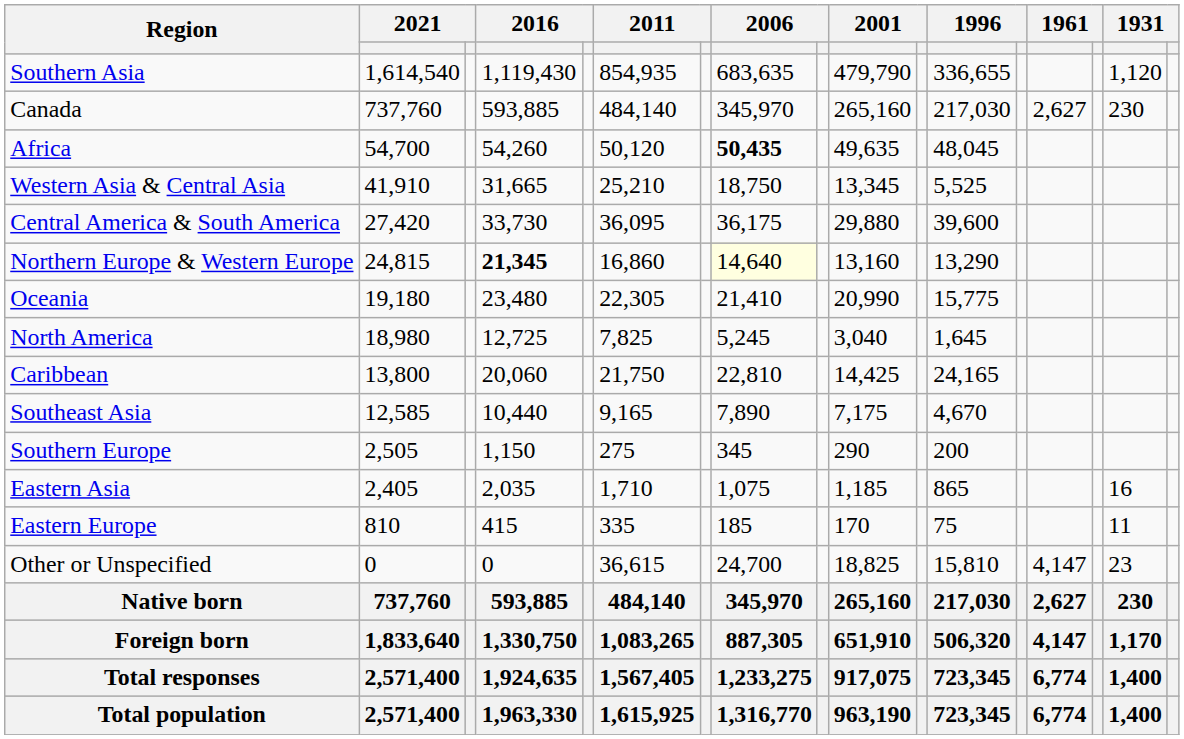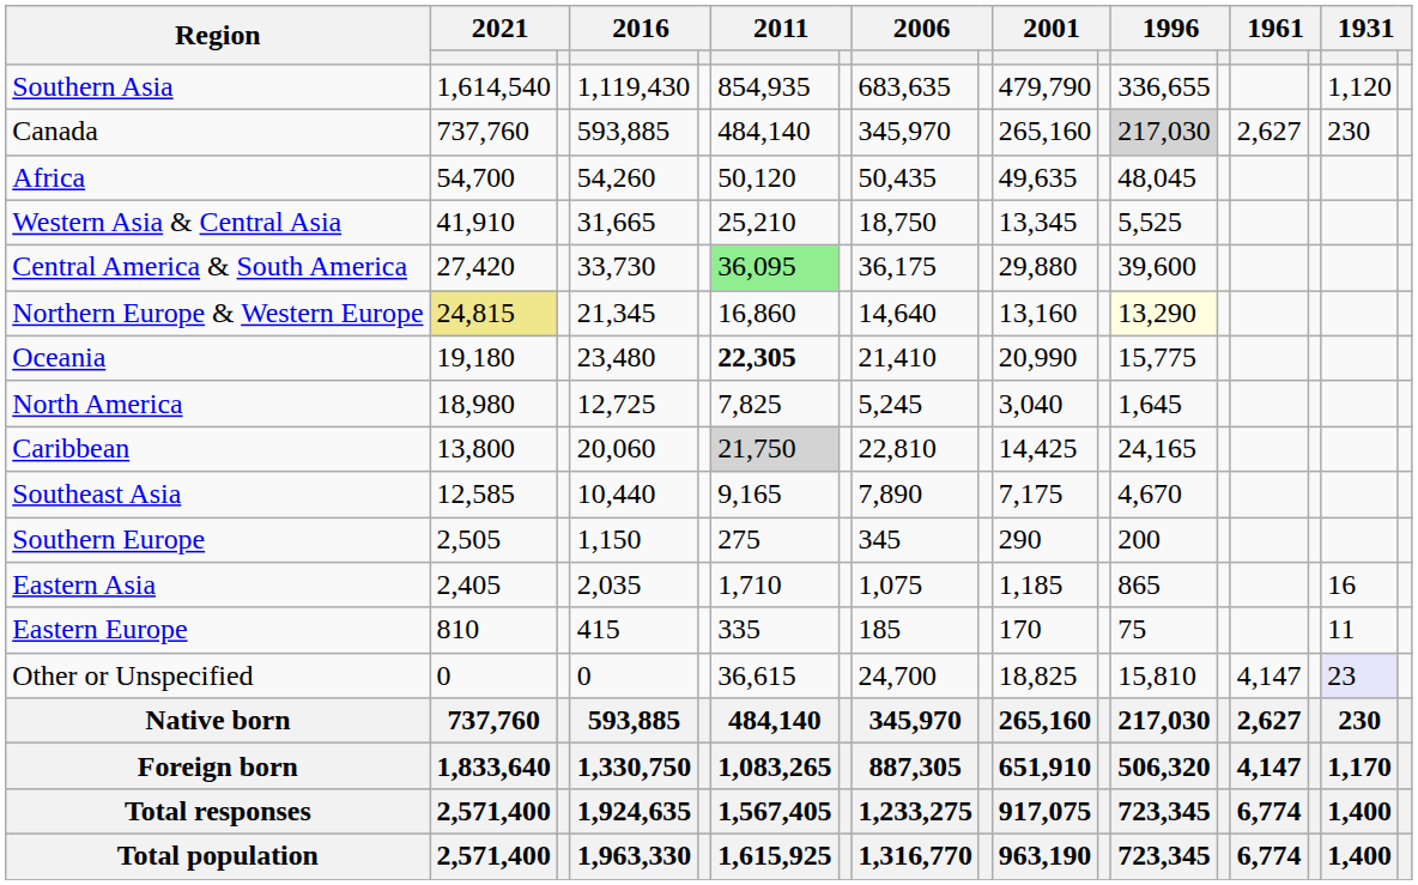 <table class="wikitable sortable">
 <tr>
 <th rowspan="2">Region</th>
 <th colspan="2">2021</th>
 <th colspan="2">2016</th>
 <th colspan="2">2011</th>
 <th colspan="2">2006</th>
 <th colspan="2">2001</th>
 <th colspan="2">1996</th>
 <th colspan="2">1961</th>
 <th colspan="2">1931</th>
 </tr>
 <tr>
 <th><a href='#'></a></th>
 <th></th>
 <th></th>
 <th></th>
 <th></th>
 <th></th>
 <th></th>
 <th></th>
 <th></th>
 <th></th>
 <th></th>
 <th></th>
 <th></th>
 <th></th>
 <th></th>
 <th></th>
 </tr>
 <tr>
 <td><a href='#'>Southern Asia</a></td>
 <td>1,614,540</td>
 <td></td>
 <td>1,119,430</td>
 <td></td>
 <td>854,935</td>
 <td></td>
 <td>683,635</td>
 <td></td>
 <td>479,790</td>
 <td></td>
 <td>336,655</td>
 <td></td>
 <td></td>
 <td></td>
 <td>1,120</td>
 <td></td>
 </tr>
 <tr>
 <td>Canada</td>
 <td>737,760</td>
 <td></td>
 <td>593,885</td>
 <td></td>
 <td>484,140</td>
 <td></td>
 <td>345,970</td>
 <td></td>
 <td>265,160</td>
 <td></td>
-<td>217,030</td>
+<td style="background: lightgrey;">217,030</td>
 <td></td>
 <td>2,627</td>
 <td></td>
 <td>230</td>
 <td></td>
 </tr>
 <tr>
 <td><a href='#'>Africa</a></td>
 <td>54,700</td>
 <td></td>
 <td>54,260</td>
 <td></td>
 <td>50,120</td>
 <td></td>
-<td><strong>50,435</strong></td>
+<td>50,435</td>
 <td></td>
 <td>49,635</td>
 <td></td>
 <td>48,045</td>
 <td></td>
 <td></td>
 <td></td>
 <td></td>
 <td></td>
 </tr>
 <tr>
 <td><a href='#'>Western Asia</a> & <a href='#'>Central Asia</a></td>
 <td>41,910</td>
 <td></td>
 <td>31,665</td>
 <td></td>
 <td>25,210</td>
 <td></td>
 <td>18,750</td>
 <td></td>
 <td>13,345</td>
 <td></td>
 <td>5,525</td>
 <td></td>
 <td></td>
 <td></td>
 <td></td>
 <td></td>
 </tr>
 <tr>
 <td><a href='#'>Central America</a> & <a href='#'>South America</a></td>
 <td>27,420</td>
 <td></td>
 <td>33,730</td>
 <td></td>
-<td>36,095</td>
+<td style="background: lightgreen;">36,095</td>
 <td></td>
 <td>36,175</td>
 <td></td>
 <td>29,880</td>
 <td></td>
 <td>39,600</td>
 <td></td>
 <td></td>
 <td></td>
 <td></td>
 <td></td>
 </tr>
 <tr>
 <td><a href='#'>Northern Europe</a> & <a href='#'>Western Europe</a></td>
-<td>24,815</td>
+<td style="background: khaki;">24,815</td>
 <td></td>
-<td><strong>21,345</strong></td>
+<td>21,345</td>
 <td></td>
 <td>16,860</td>
 <td></td>
-<td style="background: lightyellow;">14,640</td>
+<td>14,640</td>
 <td></td>
 <td>13,160</td>
 <td></td>
-<td>13,290</td>
+<td style="background: lightyellow;">13,290</td>
 <td></td>
 <td></td>
 <td></td>
 <td></td>
 <td></td>
 </tr>
 <tr>
 <td><a href='#'>Oceania</a></td>
 <td>19,180</td>
 <td></td>
 <td>23,480</td>
 <td></td>
-<td>22,305</td>
+<td><strong>22,305</strong></td>
 <td></td>
 <td>21,410</td>
 <td></td>
 <td>20,990</td>
 <td></td>
 <td>15,775</td>
 <td></td>
 <td></td>
 <td></td>
 <td></td>
 <td></td>
 </tr>
 <tr>
 <td><a href='#'>North America</a></td>
 <td>18,980</td>
 <td></td>
 <td>12,725</td>
 <td></td>
 <td>7,825</td>
 <td></td>
 <td>5,245</td>
 <td></td>
 <td>3,040</td>
 <td></td>
 <td>1,645</td>
 <td></td>
 <td></td>
 <td></td>
 <td></td>
 <td></td>
 </tr>
 <tr>
 <td><a href='#'>Caribbean</a></td>
 <td>13,800</td>
 <td></td>
 <td>20,060</td>
 <td></td>
-<td>21,750</td>
+<td style="background: lightgrey;">21,750</td>
 <td></td>
 <td>22,810</td>
 <td></td>
 <td>14,425</td>
 <td></td>
 <td>24,165</td>
 <td></td>
 <td></td>
 <td></td>
 <td></td>
 <td></td>
 </tr>
 <tr>
 <td><a href='#'>Southeast Asia</a></td>
 <td>12,585</td>
 <td></td>
 <td>10,440</td>
 <td></td>
 <td>9,165</td>
 <td></td>
 <td>7,890</td>
 <td></td>
 <td>7,175</td>
 <td></td>
 <td>4,670</td>
 <td></td>
 <td></td>
 <td></td>
 <td></td>
 <td></td>
 </tr>
 <tr>
 <td><a href='#'>Southern Europe</a></td>
 <td>2,505</td>
 <td></td>
 <td>1,150</td>
 <td></td>
 <td>275</td>
 <td></td>
 <td>345</td>
 <td></td>
 <td>290</td>
 <td></td>
 <td>200</td>
 <td></td>
 <td></td>
 <td></td>
 <td></td>
 <td></td>
 </tr>
 <tr>
 <td><a href='#'>Eastern Asia</a></td>
 <td>2,405</td>
 <td></td>
 <td>2,035</td>
 <td></td>
 <td>1,710</td>
 <td></td>
 <td>1,075</td>
 <td></td>
 <td>1,185</td>
 <td></td>
 <td>865</td>
 <td></td>
 <td></td>
 <td></td>
 <td>16</td>
 <td></td>
 </tr>
 <tr>
 <td><a href='#'>Eastern Europe</a></td>
 <td>810</td>
 <td></td>
 <td>415</td>
 <td></td>
 <td>335</td>
 <td></td>
 <td>185</td>
 <td></td>
 <td>170</td>
 <td></td>
 <td>75</td>
 <td></td>
 <td></td>
 <td></td>
 <td>11</td>
 <td></td>
 </tr>
 <tr>
 <td>Other or Unspecified</td>
 <td>0</td>
 <td></td>
 <td>0</td>
 <td></td>
 <td>36,615</td>
 <td></td>
 <td>24,700</td>
 <td></td>
 <td>18,825</td>
 <td></td>
 <td>15,810</td>
 <td></td>
 <td>4,147</td>
 <td></td>
-<td>23</td>
+<td style="background: lavender;">23</td>
 <td></td>
 </tr>
 <tr class="sortbottom">
 <th>Native born</th>
 <th>737,760</th>
 <th></th>
 <th>593,885</th>
 <th></th>
 <th>484,140</th>
 <th></th>
 <th>345,970</th>
 <th></th>
 <th>265,160</th>
 <th></th>
 <th>217,030</th>
 <th></th>
 <th>2,627</th>
 <th></th>
 <th>230</th>
 <th></th>
 </tr>
 <tr class="sortbottom">
 <th>Foreign born</th>
 <th>1,833,640</th>
 <th></th>
 <th>1,330,750</th>
 <th></th>
 <th>1,083,265</th>
 <th></th>
 <th>887,305</th>
 <th></th>
 <th>651,910</th>
 <th></th>
 <th>506,320</th>
 <th></th>
 <th>4,147</th>
 <th></th>
 <th>1,170</th>
 <th></th>
 </tr>
 <tr class="sortbottom">
 <th>Total responses</th>
 <th>2,571,400</th>
 <th></th>
 <th>1,924,635</th>
 <th></th>
 <th>1,567,405</th>
 <th></th>
 <th>1,233,275</th>
 <th></th>
 <th>917,075</th>
 <th></th>
 <th>723,345</th>
 <th></th>
 <th>6,774</th>
 <th></th>
 <th>1,400</th>
 <th></th>
 </tr>
 <tr class="sortbottom">
 <th>Total population</th>
 <th>2,571,400</th>
 <th></th>
 <th>1,963,330</th>
 <th></th>
 <th>1,615,925</th>
 <th></th>
 <th>1,316,770</th>
 <th></th>
 <th>963,190</th>
 <th></th>
 <th>723,345</th>
 <th></th>
 <th>6,774</th>
 <th></th>
 <th>1,400</th>
 <th></th>
 </tr>
 </table>
